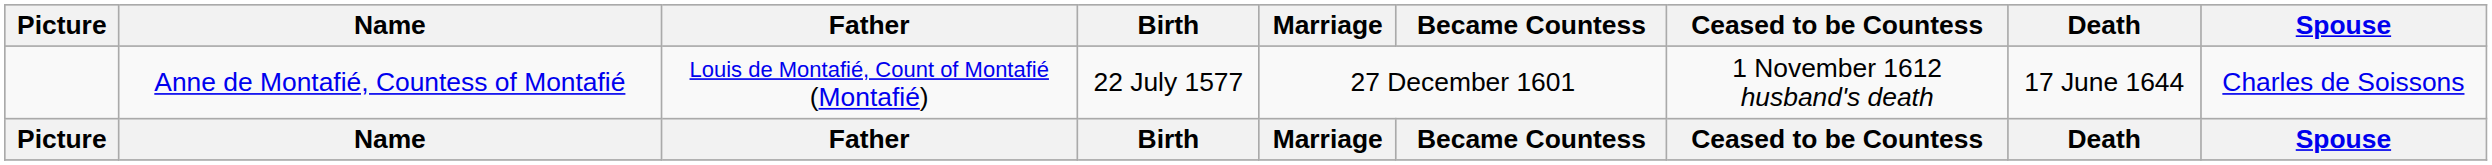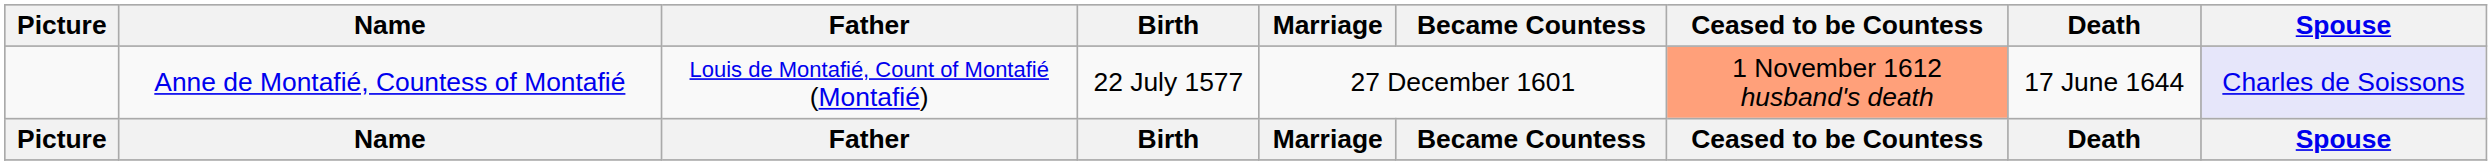 <table style="width:95%;" class="wikitable">
 <tr>
 <th>Picture</th>
 <th>Name</th>
 <th>Father</th>
 <th>Birth</th>
 <th>Marriage</th>
 <th>Became Countess</th>
 <th>Ceased to be Countess</th>
 <th>Death</th>
 <th><a href='#'>Spouse</a></th>
 </tr>
 <tr>
 <td style="text-align:center;"></td>
 <td style="text-align:center;"><a href='#'>Anne de Montafié, Countess of Montafié</a><br></td>
 <td style="text-align:center;"><small><a href='#'>Louis de Montafié, Count of Montafié</a></small><br> (<a href='#'>Montafié</a>)</td>
 <td style="text-align:center;">22 July 1577</td>
 <td style="text-align:center;" colspan="2">27 December 1601</td>
-<td style="text-align:center;">1 November 1612<br><em>husband's death</em></td>
+<td style="background: lightsalmon; text-align:center;">1 November 1612<br><em>husband's death</em></td>
 <td style="text-align:center;">17 June 1644</td>
-<td style="text-align:center;"><a href='#'>Charles de Soissons</a></td>
+<td style="background: lavender; text-align:center;"><a href='#'>Charles de Soissons</a></td>
 </tr>
 <tr>
 <th>Picture</th>
 <th>Name</th>
 <th>Father</th>
 <th>Birth</th>
 <th>Marriage</th>
 <th>Became Countess</th>
 <th>Ceased to be Countess</th>
 <th>Death</th>
 <th><a href='#'>Spouse</a></th>
 </tr>
 </table>
